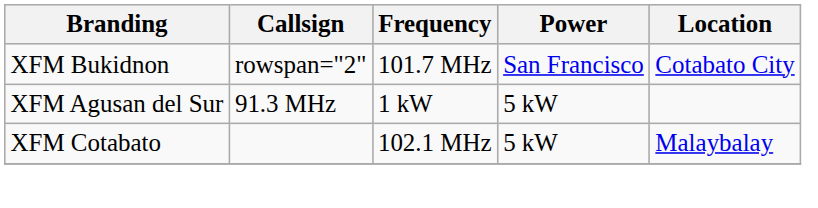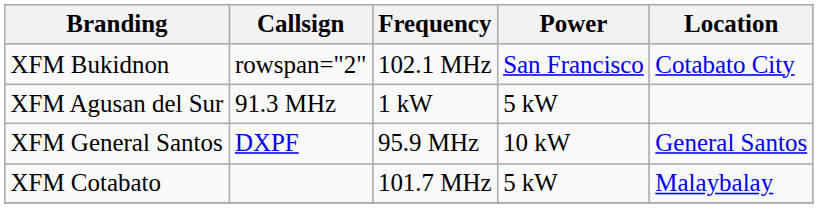 <table class="wikitable">
 <tr>
 <th>Branding</th>
 <th>Callsign</th>
 <th>Frequency</th>
 <th>Power</th>
 <th>Location</th>
 </tr>
 <tr>
 <td>XFM Bukidnon</td>
 <td>rowspan="2" </td>
-<td>101.7 MHz</td>
+<td>102.1 MHz</td>
 <td><a href='#'>San Francisco</a></td>
 <td><a href='#'>Cotabato City</a></td>
 </tr>
 <tr>
 <td>XFM Agusan del Sur</td>
 <td>91.3 MHz</td>
 <td>1 kW</td>
 <td>5 kW</td>
 </tr>
 <tr>
+<td>XFM General Santos</td>
+<td><a href='#'>DXPF</a></td>
+<td>95.9 MHz</td>
+<td>10 kW</td>
+<td><a href='#'>General Santos</a></td>
+</tr>
+<tr>
 <td>XFM Cotabato</td>
 <td></td>
-<td>102.1 MHz</td>
+<td>101.7 MHz</td>
 <td>5 kW</td>
 <td><a href='#'>Malaybalay</a></td>
 </tr>
 <tr>
 </tr>
 </table>
